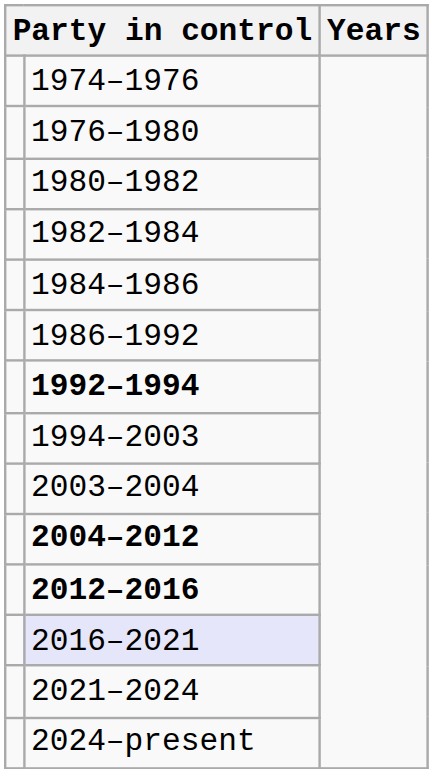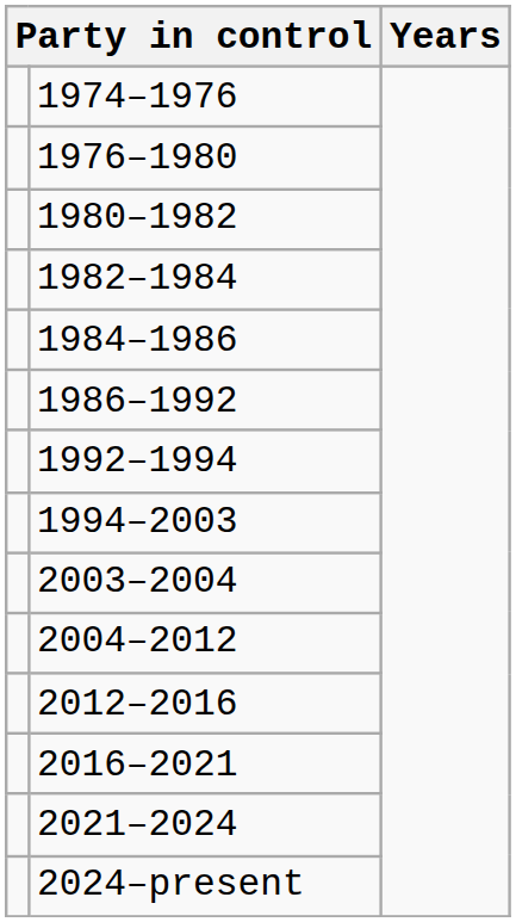 <table class="wikitable">
 <tr>
 <th colspan=2>Party in control</th>
 <th>Years</th>
 </tr>
 <tr>
 <td></td>
 <td>1974–1976</td>
 </tr>
 <tr>
 <td></td>
 <td>1976–1980</td>
 </tr>
 <tr>
 <td></td>
 <td>1980–1982</td>
 </tr>
 <tr>
 <td></td>
 <td>1982–1984</td>
 </tr>
 <tr>
 <td></td>
 <td>1984–1986</td>
 </tr>
 <tr>
 <td></td>
 <td>1986–1992</td>
 </tr>
 <tr>
 <td></td>
-<td><strong>1992–1994</strong></td>
+<td>1992–1994</td>
 </tr>
 <tr>
 <td></td>
 <td>1994–2003</td>
 </tr>
 <tr>
 <td></td>
 <td>2003–2004</td>
 </tr>
 <tr>
 <td></td>
-<td><strong>2004–2012</strong></td>
+<td>2004–2012</td>
 </tr>
 <tr>
 <td></td>
-<td><strong>2012–2016</strong></td>
+<td>2012–2016</td>
 </tr>
 <tr>
 <td></td>
-<td style="background: lavender;">2016–2021</td>
+<td>2016–2021</td>
 </tr>
 <tr>
 <td></td>
 <td>2021–2024</td>
 </tr>
 <tr>
 <td></td>
 <td>2024–present</td>
 </tr>
 </table>
